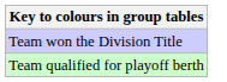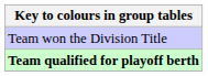 <table class="wikitable">
 <tr>
 <th>Key to colours in group tables</th>
 </tr>
 <tr style="background:#ccf;">
 <td>Team won the Division Title</td>
 </tr>
 <tr style="background:#cfc;">
-<td>Team qualified for playoff berth</td>
+<td><strong>Team qualified for playoff berth</strong></td>
 </tr>
 </table>
